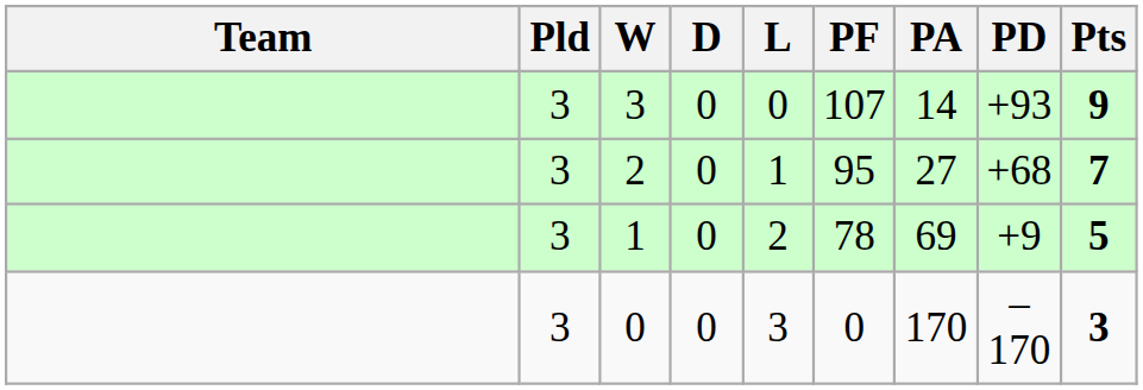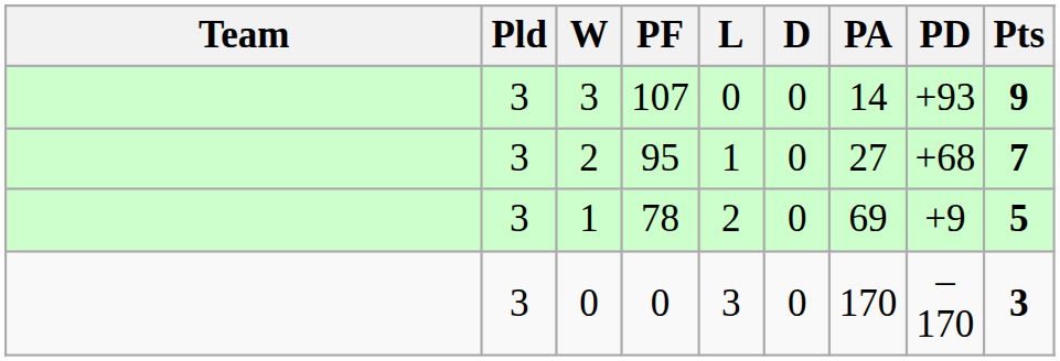 <table class="wikitable" style="text-align:center;">
 <tr>
 <th width=190>Team</th>
 <th width=20 abbr="Played">Pld</th>
 <th width=20 abbr="Won">W</th>
+<th width=20 abbr="Points for">PF</th>
+<th width=20 abbr="Lost">L</th>
 <th width=20 abbr="Drawn">D</th>
-<th width=20 abbr="Lost">L</th>
-<th width=20 abbr="Points for">PF</th>
 <th width=20 abbr="Points against">PA</th>
 <th width=25 abbr="Points difference">PD</th>
 <th width=20 abbr="Points">Pts</th>
 </tr>
 <tr style="background:#ccffcc">
 <td align=left></td>
 <td>3</td>
 <td>3</td>
+<td>107</td>
 <td>0</td>
 <td>0</td>
-<td>107</td>
 <td>14</td>
 <td>+93</td>
 <td><strong>9</strong></td>
 </tr>
 <tr style="background:#ccffcc">
 <td align=left></td>
 <td>3</td>
 <td>2</td>
+<td>95</td>
+<td>1</td>
 <td>0</td>
-<td>1</td>
-<td>95</td>
 <td>27</td>
 <td>+68</td>
 <td><strong>7</strong></td>
 </tr>
 <tr style="background:#ccffcc">
 <td align=left></td>
 <td>3</td>
 <td>1</td>
+<td>78</td>
+<td>2</td>
 <td>0</td>
-<td>2</td>
-<td>78</td>
 <td>69</td>
 <td>+9</td>
 <td><strong>5</strong></td>
 </tr>
 <tr>
 <td align=left></td>
 <td>3</td>
 <td>0</td>
 <td>0</td>
 <td>3</td>
 <td>0</td>
 <td>170</td>
 <td>–170</td>
 <td><strong>3</strong></td>
 </tr>
 </table>
